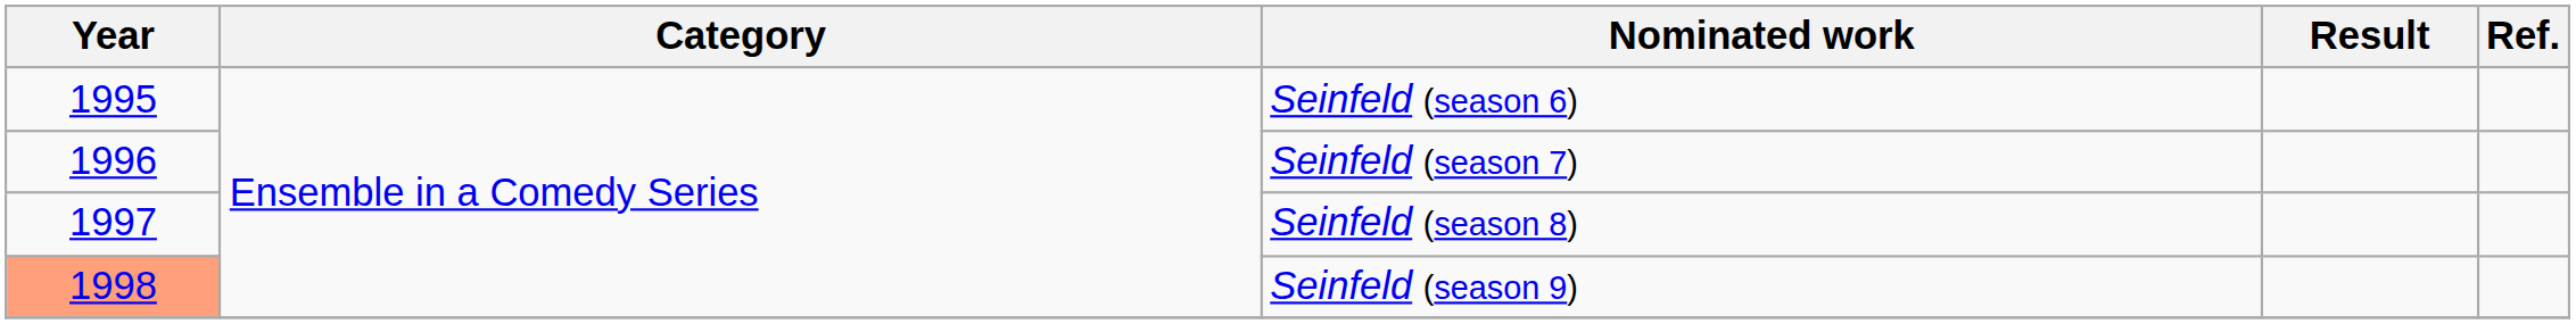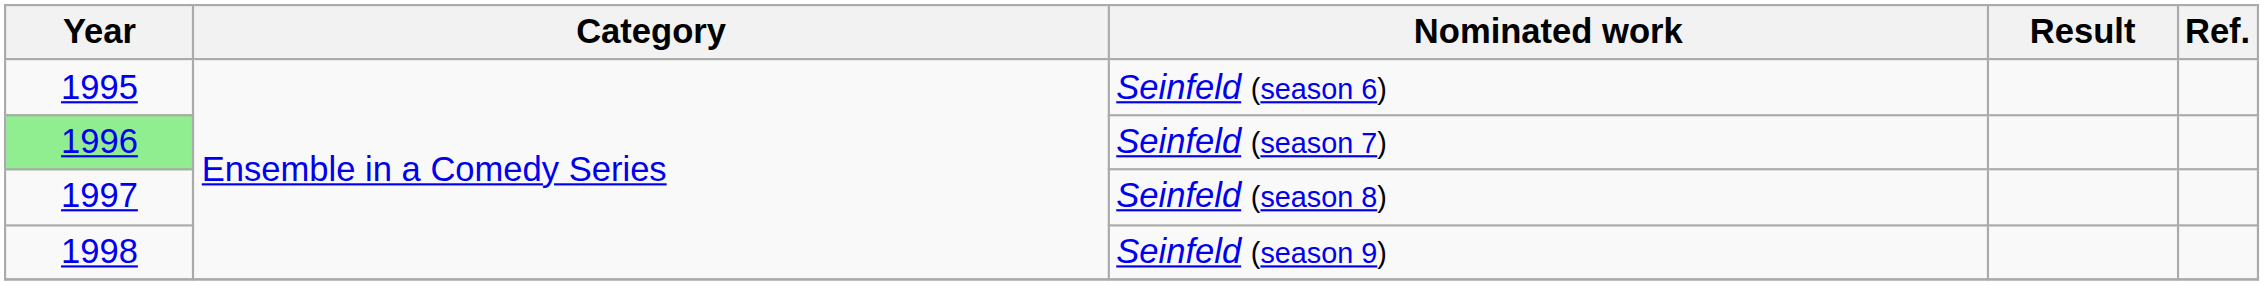 <table class=wikitable>
 <tr>
 <th scope="col" style="width:5em;">Year</th>
 <th scope="col" style="width:26em;">Category</th>
 <th scope="col" style="width:25em;">Nominated work</th>
 <th scope="col" style="width:5em;">Result</th>
 <th>Ref.</th>
 </tr>
 <tr>
 <td style="text-align:center;"><a href='#'>1995</a></td>
 <td rowspan=4><a href='#'>Ensemble in a Comedy Series</a></td>
 <td><em><a href='#'>Seinfeld</a></em> <small> (<a href='#'>season 6</a>) </small></td>
 <td></td>
 <td></td>
 </tr>
 <tr>
-<td style="text-align:center;"><a href='#'>1996</a></td>
+<td style="background: lightgreen; text-align:center;"><a href='#'>1996</a></td>
 <td><em><a href='#'>Seinfeld</a></em> <small> (<a href='#'>season 7</a>) </small></td>
 <td></td>
 <td></td>
 </tr>
 <tr>
 <td style="text-align:center;"><a href='#'>1997</a></td>
 <td><em><a href='#'>Seinfeld</a></em> <small> (<a href='#'>season 8</a>) </small></td>
 <td></td>
 <td></td>
 </tr>
 <tr>
-<td style="background: lightsalmon; text-align:center;"><a href='#'>1998</a></td>
+<td style="text-align:center;"><a href='#'>1998</a></td>
 <td><em><a href='#'>Seinfeld</a></em> <small> (<a href='#'>season 9</a>) </small></td>
 <td></td>
 <td></td>
 </tr>
 <tr>
 </tr>
 </table>
